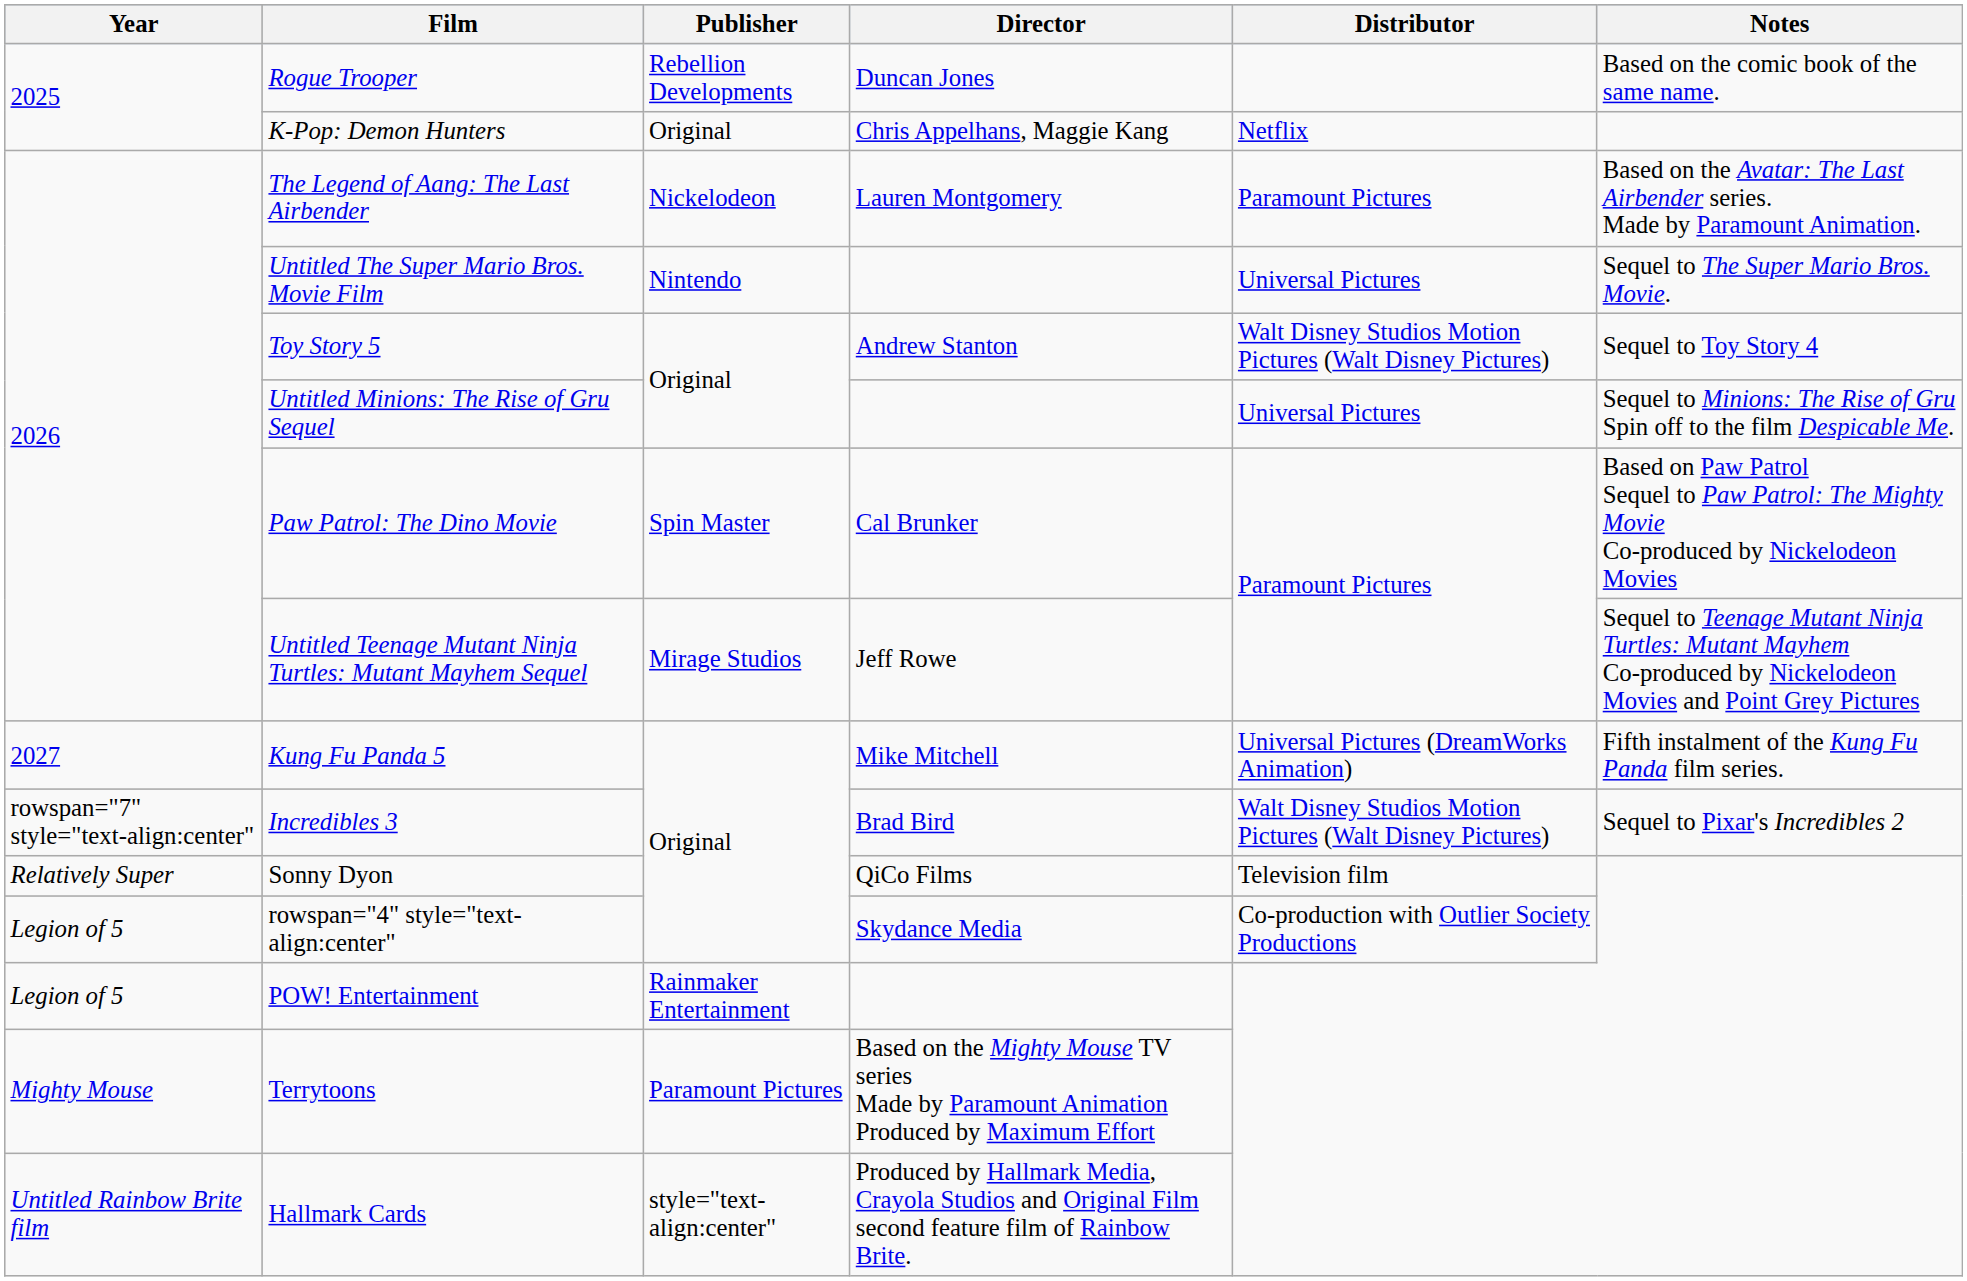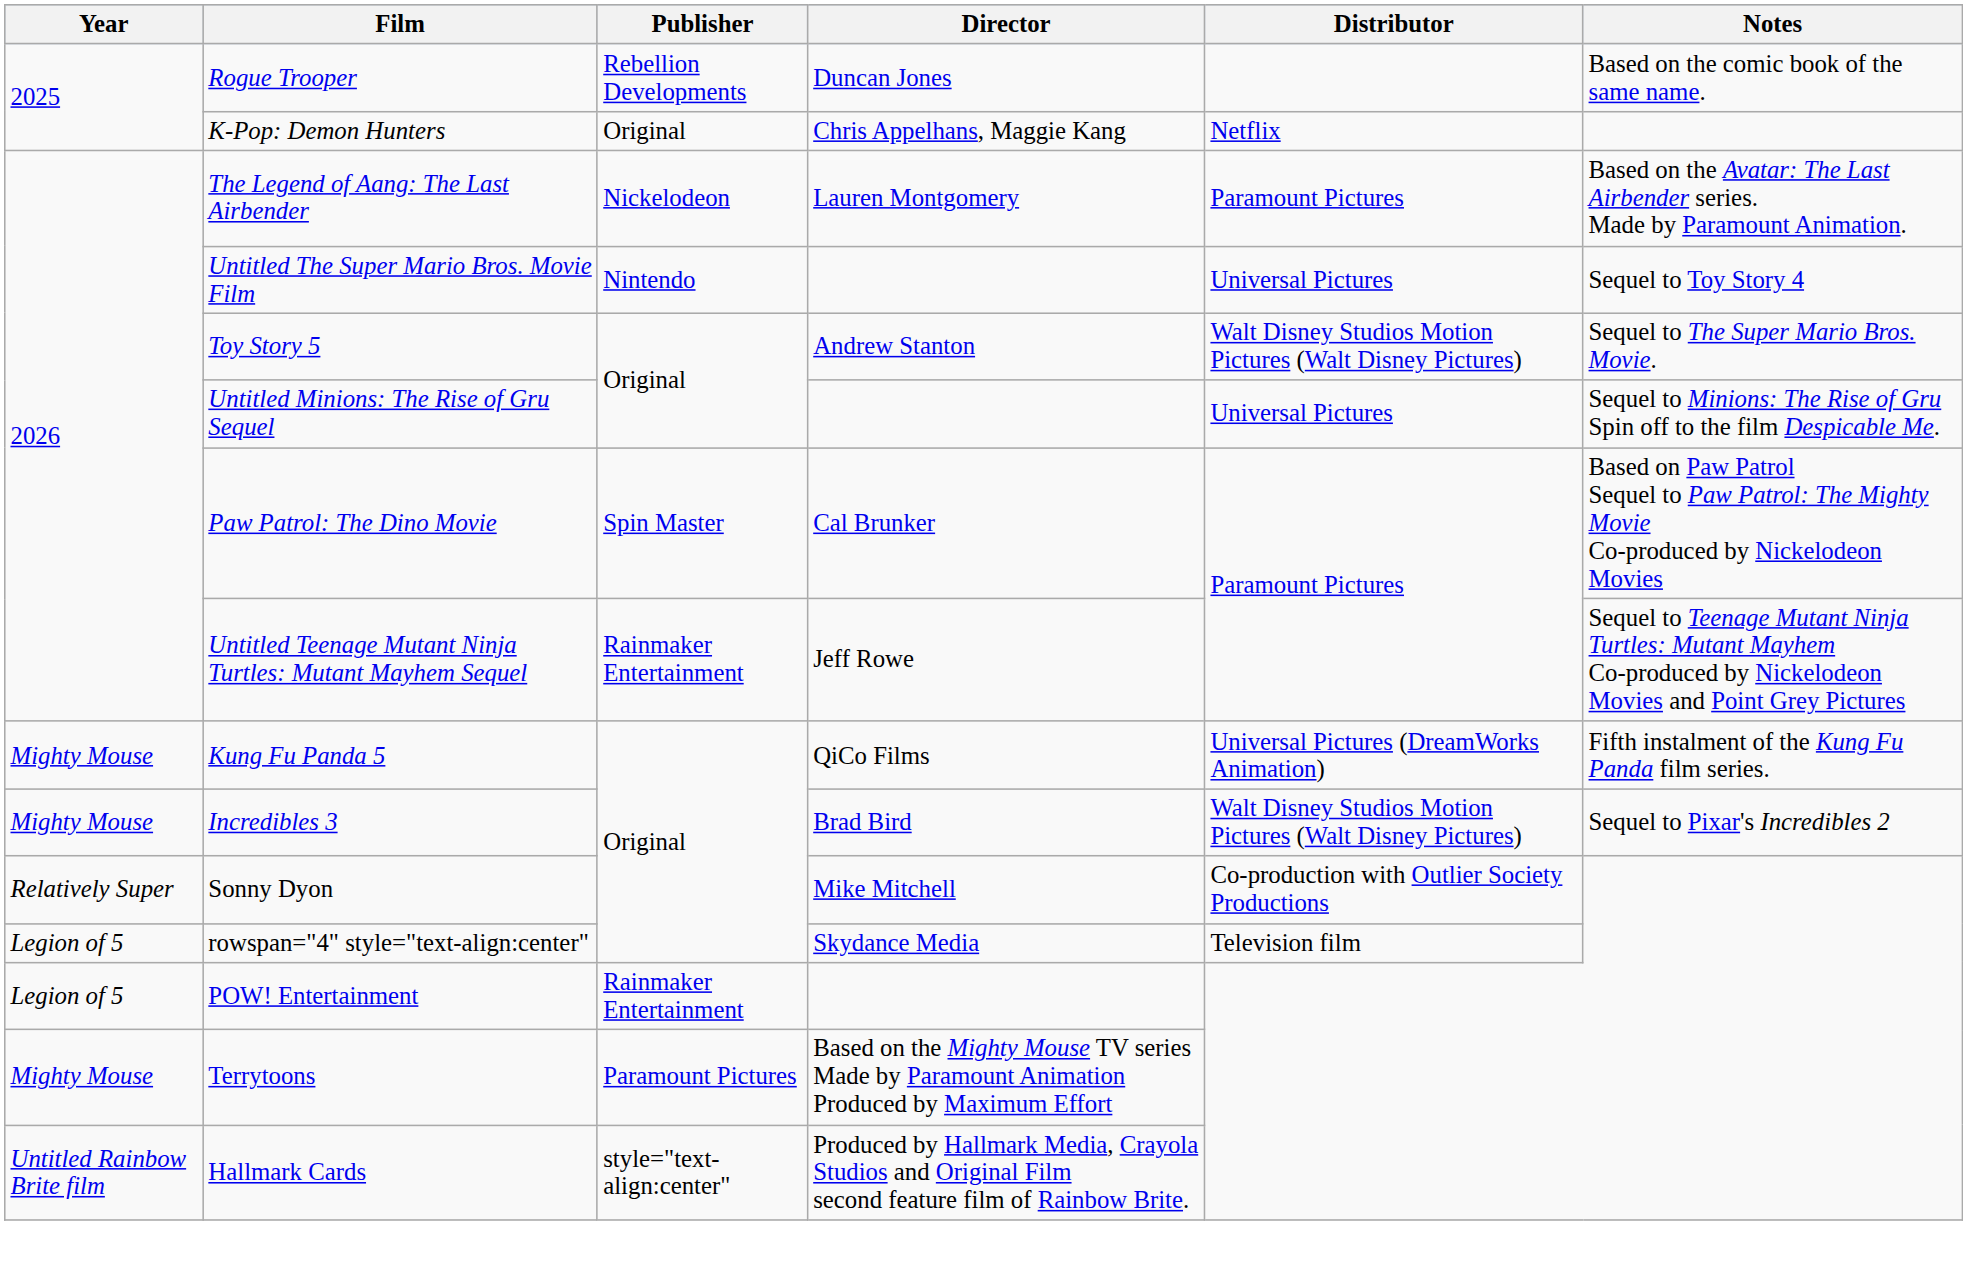 <table class="wikitable sortable"  style="margin:auto; margin:auto;":>
 <tr bgcolor="#B0C4DE" align="center">
 <th>Year</th>
 <th>Film</th>
 <th>Publisher</th>
 <th>Director</th>
 <th>Distributor</th>
 <th>Notes</th>
 </tr>
 <tr>
 <td rowspan="2"><a href='#'>2025</a></td>
 <td><em><a href='#'>Rogue Trooper</a></em></td>
 <td><a href='#'>Rebellion Developments</a></td>
 <td><a href='#'>Duncan Jones</a></td>
 <td></td>
 <td>Based on the comic book of the <a href='#'>same name</a>.</td>
 </tr>
 <tr>
 <td><em>K-Pop: Demon Hunters</em></td>
 <td>Original</td>
 <td><a href='#'>Chris Appelhans</a>, Maggie Kang</td>
 <td><a href='#'>Netflix</a></td>
 <td></td>
 </tr>
 <tr>
 <td rowspan="6"><a href='#'>2026</a></td>
 <td><em><a href='#'>The Legend of Aang: The Last Airbender</a></em></td>
 <td><a href='#'>Nickelodeon</a></td>
 <td><a href='#'>Lauren Montgomery</a></td>
 <td><a href='#'>Paramount Pictures</a></td>
 <td>Based on the <em><a href='#'>Avatar: The Last Airbender</a></em> series. <br> Made by <a href='#'>Paramount Animation</a>.</td>
 </tr>
 <tr>
 <td><em><a href='#'>Untitled The Super Mario Bros. Movie Film</a></em></td>
 <td><a href='#'>Nintendo</a></td>
 <td></td>
 <td><a href='#'>Universal Pictures</a></td>
-<td>Sequel to <em><a href='#'>The Super Mario Bros. Movie</a></em>.</td>
+<td>Sequel to <a href='#'>Toy Story 4</a></td>
 </tr>
 <tr>
 <td><em><a href='#'>Toy Story 5</a></em></td>
 <td rowspan="2">Original</td>
 <td><a href='#'>Andrew Stanton</a></td>
 <td><a href='#'>Walt Disney Studios Motion Pictures</a> (<a href='#'>Walt Disney Pictures</a>)</td>
-<td>Sequel to <a href='#'>Toy Story 4</a></td>
+<td>Sequel to <em><a href='#'>The Super Mario Bros. Movie</a></em>.</td>
 </tr>
 <tr>
 <td><em><a href='#'>Untitled Minions: The Rise of Gru Sequel</a></em></td>
 <td></td>
 <td><a href='#'>Universal Pictures</a></td>
 <td>Sequel to <em><a href='#'>Minions: The Rise of Gru</a></em> <br> Spin off to the film <em><a href='#'>Despicable Me</a></em>.</td>
 </tr>
 <tr>
 <td><em><a href='#'>Paw Patrol: The Dino Movie</a></em></td>
 <td><a href='#'>Spin Master</a></td>
 <td><a href='#'>Cal Brunker</a></td>
 <td rowspan="2"><a href='#'>Paramount Pictures</a></td>
 <td>Based on <a href='#'>Paw Patrol</a> <br> Sequel to <em><a href='#'>Paw Patrol: The Mighty Movie</a></em> <br> Co-produced by <a href='#'>Nickelodeon Movies</a></td>
 </tr>
 <tr>
 <td><em><a href='#'>Untitled Teenage Mutant Ninja Turtles: Mutant Mayhem Sequel</a></em></td>
-<td><a href='#'>Mirage Studios</a></td>
+<td><a href='#'>Rainmaker Entertainment</a></td>
 <td>Jeff Rowe</td>
 <td>Sequel to <em><a href='#'>Teenage Mutant Ninja Turtles: Mutant Mayhem</a></em> <br> Co-produced by <a href='#'>Nickelodeon Movies</a> and <a href='#'>Point Grey Pictures</a></td>
 </tr>
 <tr>
-<td><a href='#'>2027</a></td>
+<td><em><a href='#'>Mighty Mouse</a></em></td>
 <td><em><a href='#'>Kung Fu Panda 5</a></em></td>
 <td rowspan="4">Original</td>
-<td><a href='#'>Mike Mitchell</a></td>
+<td>QiCo Films</td>
 <td><a href='#'>Universal Pictures</a> (<a href='#'>DreamWorks Animation</a>)</td>
 <td>Fifth instalment of the <em><a href='#'>Kung Fu Panda</a></em> film series.</td>
 </tr>
 <tr>
-<td>rowspan="7" style="text-align:center" </td>
+<td><em><a href='#'>Mighty Mouse</a></em></td>
 <td><em><a href='#'>Incredibles 3</a></em></td>
 <td><a href='#'>Brad Bird</a></td>
 <td><a href='#'>Walt Disney Studios Motion Pictures</a> (<a href='#'>Walt Disney Pictures</a>)</td>
 <td>Sequel to <a href='#'>Pixar</a>'s <em>Incredibles 2</em></td>
 </tr>
 <tr>
 <td><em>Relatively Super</em></td>
 <td>Sonny Dyon</td>
-<td>QiCo Films</td>
-<td>Television film</td>
+<td><a href='#'>Mike Mitchell</a></td>
+<td>Co-production with <a href='#'>Outlier Society Productions</a></td>
 </tr>
 <tr>
 <td><em>Legion of 5</em></td>
 <td>rowspan="4" style="text-align:center" </td>
 <td><a href='#'>Skydance Media</a></td>
-<td>Co-production with <a href='#'>Outlier Society Productions</a></td>
+<td>Television film</td>
 </tr>
 <tr>
 <td><em>Legion of 5</em></td>
 <td><a href='#'>POW! Entertainment</a></td>
 <td><a href='#'>Rainmaker Entertainment</a></td>
 <td></td>
 </tr>
 <tr>
 <td><em><a href='#'>Mighty Mouse</a></em></td>
 <td><a href='#'>Terrytoons</a></td>
 <td><a href='#'>Paramount Pictures</a></td>
 <td>Based on the <em><a href='#'>Mighty Mouse</a></em> TV series<br>Made by <a href='#'>Paramount Animation</a><br>Produced by <a href='#'>Maximum Effort</a></td>
 </tr>
 <tr>
 <td><em><a href='#'>Untitled Rainbow Brite film</a></em></td>
 <td><a href='#'>Hallmark Cards</a></td>
 <td>style="text-align:center" </td>
 <td>Produced by <a href='#'>Hallmark Media</a>, <a href='#'>Crayola Studios</a> and <a href='#'>Original Film</a> <br> second feature film of <a href='#'>Rainbow Brite</a>.</td>
 </tr>
 </table>
